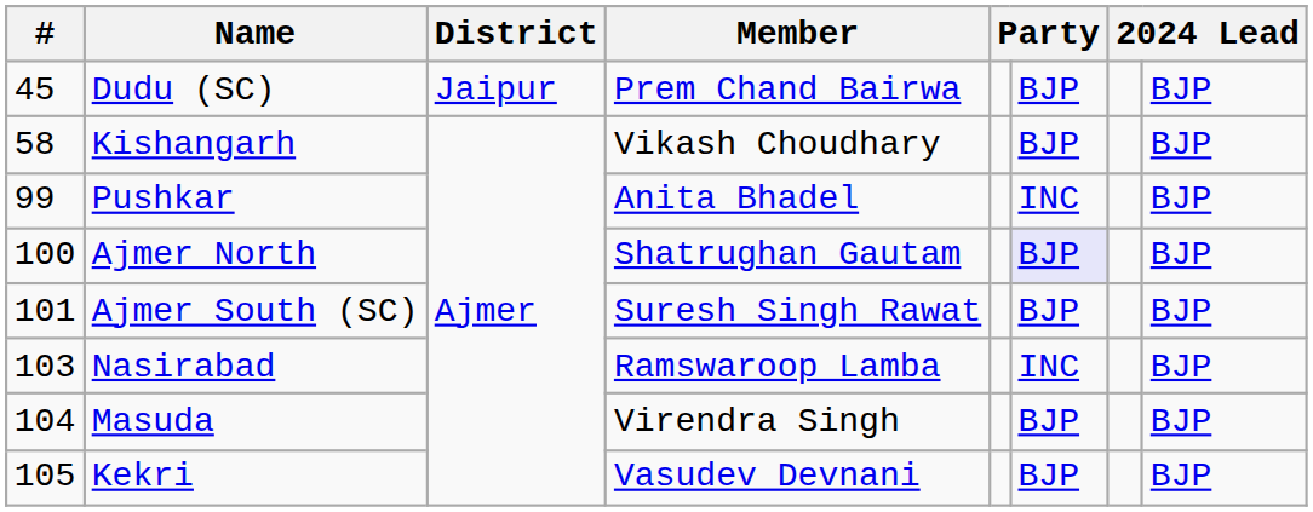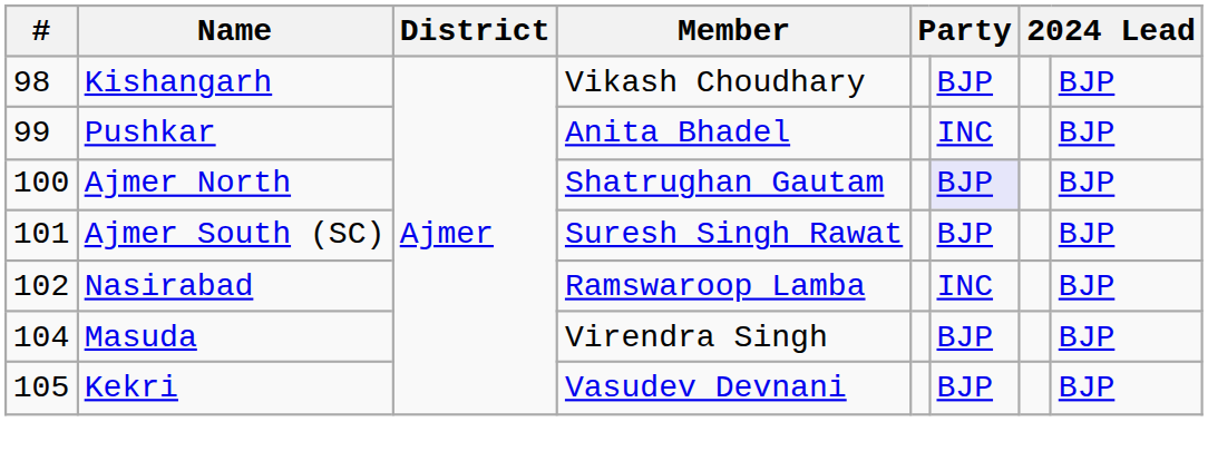 <table class="wikitable">
 <tr>
 <th>#</th>
 <th>Name</th>
 <th>District</th>
 <th>Member</th>
 <th colspan="2">Party</th>
 <th colspan="2">2024 Lead</th>
 </tr>
 <tr>
-<td>45</td>
-<td><a href='#'>Dudu</a> (SC)</td>
-<td><a href='#'>Jaipur</a></td>
-<td><a href='#'>Prem Chand Bairwa</a></td>
-<td style="background-color: "></td>
-<td><a href='#'>BJP</a></td>
-<td style="background-color: "></td>
-<td><a href='#'>BJP</a></td>
-</tr>
-<tr>
-<td>58</td>
+<td>98</td>
 <td><a href='#'>Kishangarh</a></td>
 <td rowspan="7"><a href='#'>Ajmer</a></td>
 <td>Vikash Choudhary</td>
 <td style="background-color: "></td>
 <td><a href='#'>BJP</a></td>
 <td style="background-color: "></td>
 <td><a href='#'>BJP</a></td>
 </tr>
 <tr>
 <td>99</td>
 <td><a href='#'>Pushkar</a></td>
 <td><a href='#'>Anita Bhadel</a></td>
 <td style="background-color: "></td>
 <td><a href='#'>INC</a></td>
 <td style="background-color: "></td>
 <td><a href='#'>BJP</a></td>
 </tr>
 <tr>
 <td>100</td>
 <td><a href='#'>Ajmer North</a></td>
 <td><a href='#'>Shatrughan Gautam</a></td>
 <td style="background-color: "></td>
 <td style="background: lavender;"><a href='#'>BJP</a></td>
 <td style="background-color: "></td>
 <td><a href='#'>BJP</a></td>
 </tr>
 <tr>
 <td>101</td>
 <td><a href='#'>Ajmer South</a> (SC)</td>
 <td><a href='#'>Suresh Singh Rawat</a></td>
 <td style="background-color: "></td>
 <td><a href='#'>BJP</a></td>
 <td style="background-color: "></td>
 <td><a href='#'>BJP</a></td>
 </tr>
 <tr>
-<td>103</td>
+<td>102</td>
 <td><a href='#'>Nasirabad</a></td>
 <td><a href='#'>Ramswaroop Lamba</a></td>
 <td style="background-color: "></td>
 <td><a href='#'>INC</a></td>
 <td style="background-color: "></td>
 <td><a href='#'>BJP</a></td>
 </tr>
 <tr>
 <td>104</td>
 <td><a href='#'>Masuda</a></td>
 <td>Virendra Singh</td>
 <td style="background-color: "></td>
 <td><a href='#'>BJP</a></td>
 <td style="background-color: "></td>
 <td><a href='#'>BJP</a></td>
 </tr>
 <tr>
 <td>105</td>
 <td><a href='#'>Kekri</a></td>
 <td><a href='#'>Vasudev Devnani</a></td>
 <td style="background-color: "></td>
 <td><a href='#'>BJP</a></td>
 <td style="background-color: "></td>
 <td><a href='#'>BJP</a></td>
 </tr>
 </table>
